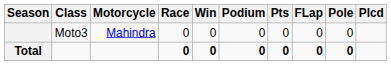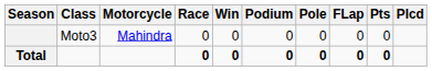 <table class="wikitable">
 <tr>
 <th>Season</th>
 <th>Class</th>
 <th>Motorcycle</th>
 <th>Race</th>
 <th>Win</th>
 <th>Podium</th>
+<th>Pole</th>
+<th>FLap</th>
 <th>Pts</th>
-<th>FLap</th>
-<th>Pole</th>
 <th>Plcd</th>
 </tr>
 <tr align="right">
 <th></th>
 <td>Moto3</td>
 <td><a href='#'>Mahindra</a></td>
 <td>0</td>
 <td>0</td>
 <td>0</td>
 <td>0</td>
 <td>0</td>
 <td>0</td>
 <td></td>
 </tr>
 <tr align="right">
 <th>Total</th>
 <td></td>
 <td></td>
 <td><strong>0</strong></td>
 <td><strong>0</strong></td>
 <td><strong>0</strong></td>
 <td><strong>0</strong></td>
 <td><strong>0</strong></td>
 <td><strong>0</strong></td>
 <td></td>
 </tr>
 </table>
